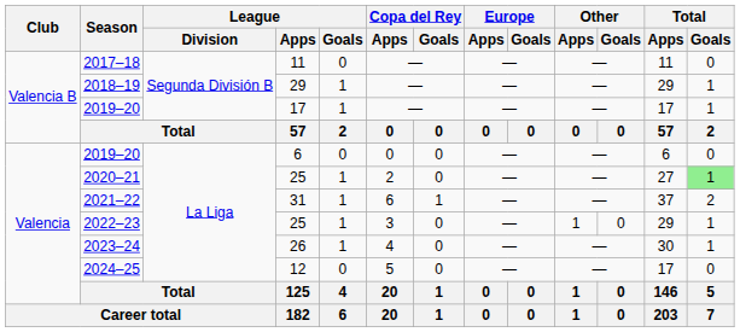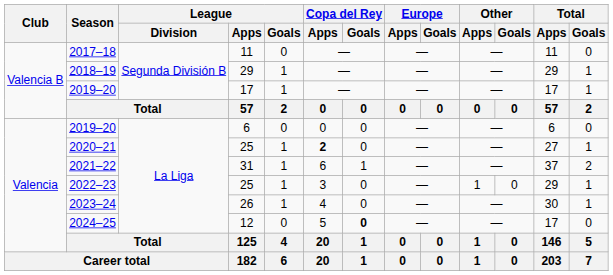 <table class="wikitable" style="text-align:center">
 <tr>
 <th rowspan="2">Club</th>
 <th rowspan="2">Season</th>
 <th colspan="3">League</th>
 <th colspan="2"><a href='#'>Copa del Rey</a></th>
 <th colspan="2"><a href='#'>Europe</a></th>
 <th colspan="2">Other</th>
 <th colspan="2">Total</th>
 </tr>
 <tr>
 <th>Division</th>
 <th>Apps</th>
 <th>Goals</th>
 <th>Apps</th>
 <th>Goals</th>
 <th>Apps</th>
 <th>Goals</th>
 <th>Apps</th>
 <th>Goals</th>
 <th>Apps</th>
 <th>Goals</th>
 </tr>
 <tr>
 <td rowspan="4"><a href='#'>Valencia B</a></td>
 <td><a href='#'>2017–18</a></td>
 <td rowspan="3"><a href='#'>Segunda División B</a></td>
 <td>11</td>
 <td>0</td>
 <td colspan="2">—</td>
 <td colspan="2">—</td>
 <td colspan="2">—</td>
 <td>11</td>
 <td>0</td>
 </tr>
 <tr>
 <td><a href='#'>2018–19</a></td>
 <td>29</td>
 <td>1</td>
 <td colspan="2">—</td>
 <td colspan="2">—</td>
 <td colspan="2">—</td>
 <td>29</td>
 <td>1</td>
 </tr>
 <tr>
 <td><a href='#'>2019–20</a></td>
 <td>17</td>
 <td>1</td>
 <td colspan="2">—</td>
 <td colspan="2">—</td>
 <td colspan="2">—</td>
 <td>17</td>
 <td>1</td>
 </tr>
 <tr>
 <th colspan="2">Total</th>
 <th>57</th>
 <th>2</th>
 <th>0</th>
 <th>0</th>
 <th>0</th>
 <th>0</th>
 <th>0</th>
 <th>0</th>
 <th>57</th>
 <th>2</th>
 </tr>
 <tr>
 <td rowspan="7"><a href='#'>Valencia</a></td>
 <td><a href='#'>2019–20</a></td>
 <td rowspan="6"><a href='#'>La Liga</a></td>
 <td>6</td>
 <td>0</td>
 <td>0</td>
 <td>0</td>
 <td colspan="2">—</td>
 <td colspan="2">—</td>
 <td>6</td>
 <td>0</td>
 </tr>
 <tr>
 <td><a href='#'>2020–21</a></td>
 <td>25</td>
 <td>1</td>
-<td>2</td>
+<td><strong>2</strong></td>
 <td>0</td>
 <td colspan="2">—</td>
 <td colspan="2">—</td>
 <td>27</td>
-<td style="background: lightgreen;">1</td>
+<td>1</td>
 </tr>
 <tr>
 <td><a href='#'>2021–22</a></td>
 <td>31</td>
 <td>1</td>
 <td>6</td>
 <td>1</td>
 <td colspan="2">—</td>
 <td colspan="2">—</td>
 <td>37</td>
 <td>2</td>
 </tr>
 <tr>
 <td><a href='#'>2022–23</a></td>
 <td>25</td>
 <td>1</td>
 <td>3</td>
 <td>0</td>
 <td colspan="2">—</td>
 <td>1</td>
 <td>0</td>
 <td>29</td>
 <td>1</td>
 </tr>
 <tr>
 <td><a href='#'>2023–24</a></td>
 <td>26</td>
 <td>1</td>
 <td>4</td>
 <td>0</td>
 <td colspan="2">—</td>
 <td colspan="2">—</td>
 <td>30</td>
 <td>1</td>
 </tr>
 <tr>
 <td><a href='#'>2024–25</a></td>
 <td>12</td>
 <td>0</td>
 <td>5</td>
-<td>0</td>
+<td><strong>0</strong></td>
 <td colspan="2">—</td>
 <td colspan="2">—</td>
 <td>17</td>
 <td>0</td>
 </tr>
 <tr>
 <th colspan="2">Total</th>
 <th>125</th>
 <th>4</th>
 <th>20</th>
 <th>1</th>
 <th>0</th>
 <th>0</th>
 <th>1</th>
 <th>0</th>
 <th>146</th>
 <th>5</th>
 </tr>
 <tr>
 <th colspan="3">Career total</th>
 <th>182</th>
 <th>6</th>
 <th>20</th>
 <th>1</th>
 <th>0</th>
 <th>0</th>
 <th>1</th>
 <th>0</th>
 <th>203</th>
 <th>7</th>
 </tr>
 </table>
